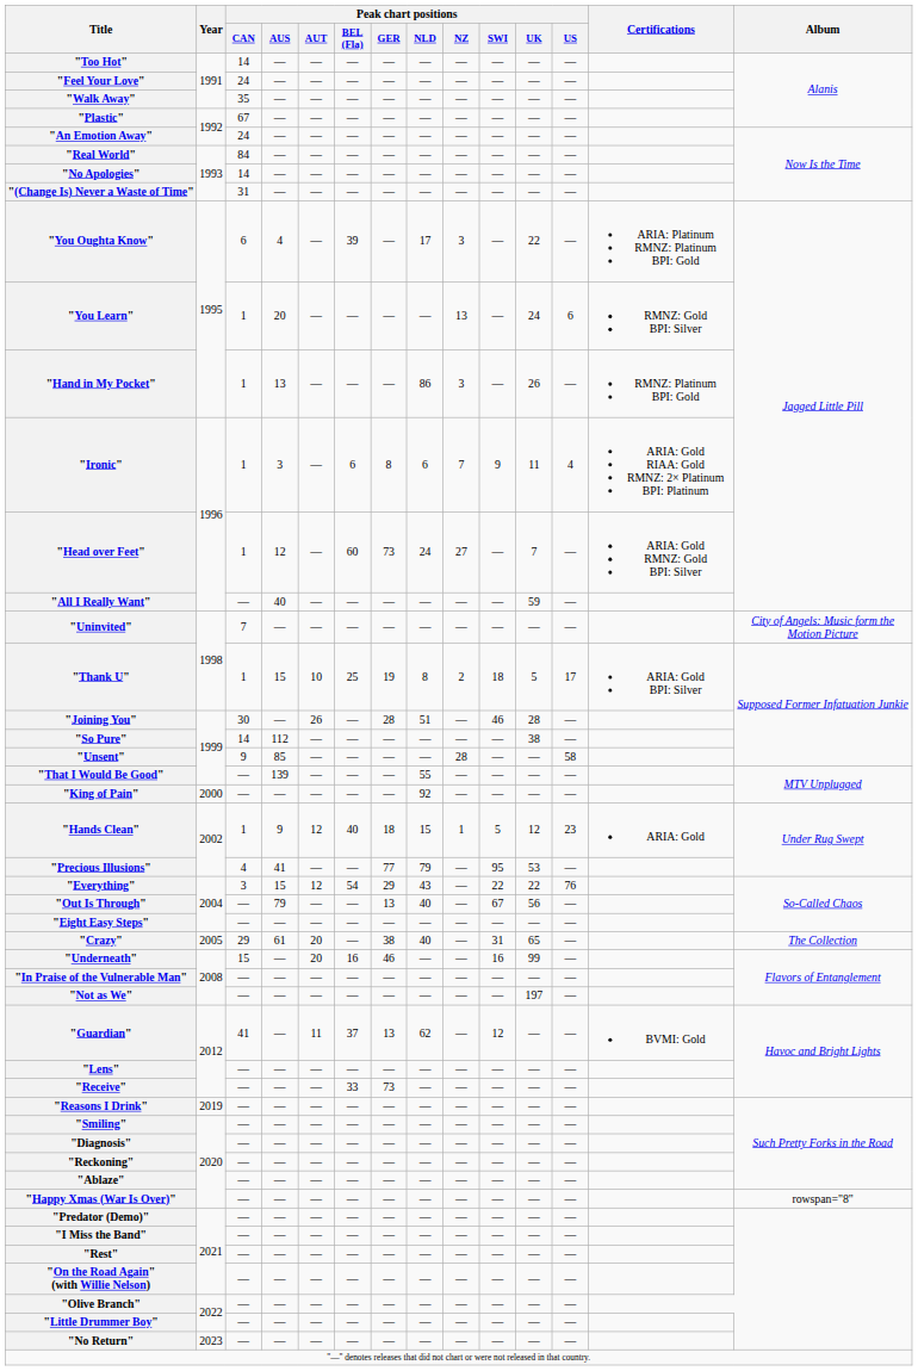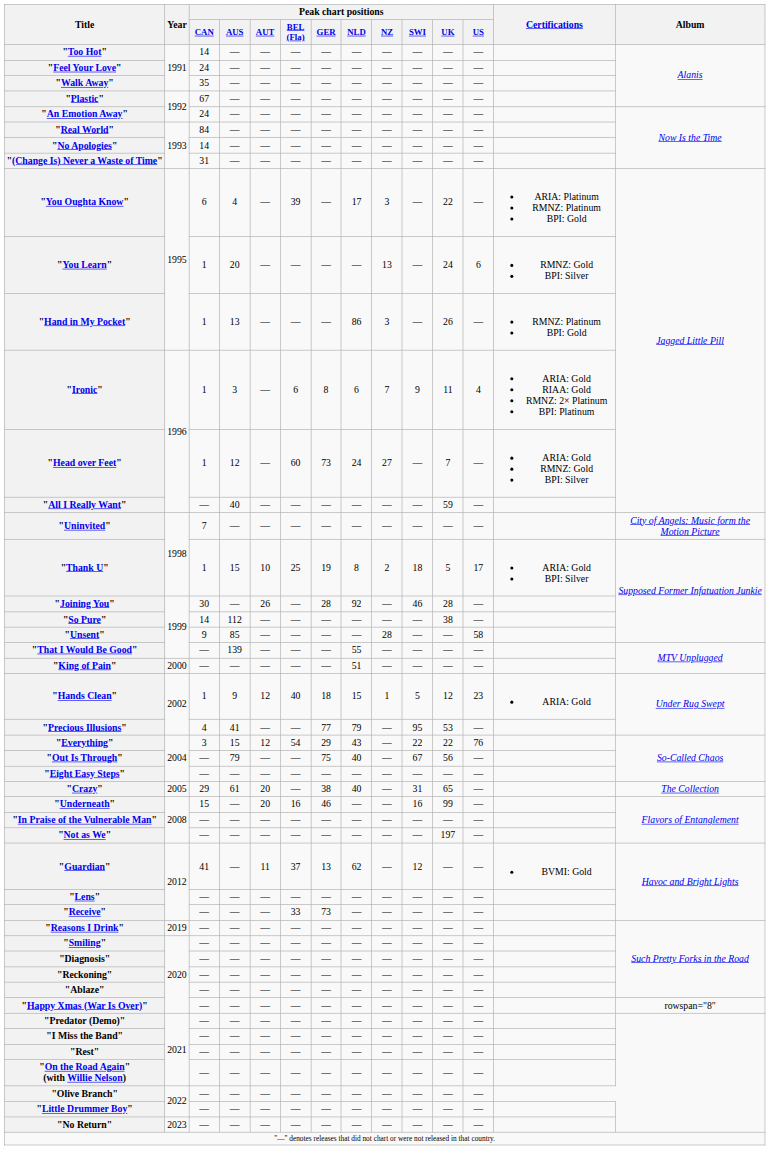 <table class="wikitable plainrowheaders" style="text-align:center; border:1">
 <tr>
 <th scope="col" rowspan="2" style="width:16em;">Title</th>
 <th scope="col" rowspan="2">Year</th>
 <th scope="col" colspan="10">Peak chart positions</th>
 <th scope="col" rowspan="2" style="width:12em;"><a href='#'>Certifications</a></th>
 <th scope="col" rowspan="2">Album</th>
 </tr>
 <tr>
 <th scope="col" style="width:3em;font-size:90%;"><a href='#'>CAN</a><br></th>
 <th scope="col" style="width:3em;font-size:90%;"><a href='#'>AUS</a><br></th>
 <th scope="col" style="width:3em;font-size:90%;"><a href='#'>AUT</a><br></th>
 <th scope="col" style="width:3em;font-size:90%;"><a href='#'>BEL (Fla)</a><br></th>
 <th scope="col" style="width:3em;font-size:90%;"><a href='#'>GER</a><br></th>
 <th scope="col" style="width:3em;font-size:90%;"><a href='#'>NLD</a><br></th>
 <th scope="col" style="width:3em;font-size:90%;"><a href='#'>NZ</a><br></th>
 <th scope="col" style="width:3em;font-size:90%;"><a href='#'>SWI</a><br></th>
 <th scope="col" style="width:3em;font-size:90%;"><a href='#'>UK</a><br></th>
 <th scope="col" style="width:3em;font-size:90%;"><a href='#'>US</a><br></th>
 </tr>
 <tr>
 <th scope="row">"<a href='#'>Too Hot</a>"</th>
 <td rowspan="3">1991</td>
 <td>14</td>
 <td>—</td>
 <td>—</td>
 <td>—</td>
 <td>—</td>
 <td>—</td>
 <td>—</td>
 <td>—</td>
 <td>—</td>
 <td>—</td>
 <td></td>
 <td rowspan="4"><em><a href='#'>Alanis</a></em></td>
 </tr>
 <tr>
 <th scope="row">"<a href='#'>Feel Your Love</a>"</th>
 <td>24</td>
 <td>—</td>
 <td>—</td>
 <td>—</td>
 <td>—</td>
 <td>—</td>
 <td>—</td>
 <td>—</td>
 <td>—</td>
 <td>—</td>
 <td></td>
 </tr>
 <tr>
 <th scope="row">"<a href='#'>Walk Away</a>"</th>
 <td>35</td>
 <td>—</td>
 <td>—</td>
 <td>—</td>
 <td>—</td>
 <td>—</td>
 <td>—</td>
 <td>—</td>
 <td>—</td>
 <td>—</td>
 <td></td>
 </tr>
 <tr>
 <th scope="row">"<a href='#'>Plastic</a>"</th>
 <td rowspan="2">1992</td>
 <td>67</td>
 <td>—</td>
 <td>—</td>
 <td>—</td>
 <td>—</td>
 <td>—</td>
 <td>—</td>
 <td>—</td>
 <td>—</td>
 <td>—</td>
 <td></td>
 </tr>
 <tr>
 <th scope="row">"<a href='#'>An Emotion Away</a>"</th>
 <td>24</td>
 <td>—</td>
 <td>—</td>
 <td>—</td>
 <td>—</td>
 <td>—</td>
 <td>—</td>
 <td>—</td>
 <td>—</td>
 <td>—</td>
 <td></td>
 <td rowspan="4"><em><a href='#'>Now Is the Time</a></em></td>
 </tr>
 <tr>
 <th scope="row">"<a href='#'>Real World</a>"</th>
 <td rowspan="3">1993</td>
 <td>84</td>
 <td>—</td>
 <td>—</td>
 <td>—</td>
 <td>—</td>
 <td>—</td>
 <td>—</td>
 <td>—</td>
 <td>—</td>
 <td>—</td>
 <td></td>
 </tr>
 <tr>
 <th scope="row">"<a href='#'>No Apologies</a>"</th>
 <td>14</td>
 <td>—</td>
 <td>—</td>
 <td>—</td>
 <td>—</td>
 <td>—</td>
 <td>—</td>
 <td>—</td>
 <td>—</td>
 <td>—</td>
 <td></td>
 </tr>
 <tr>
 <th scope="row">"<a href='#'>(Change Is) Never a Waste of Time</a>"</th>
 <td>31</td>
 <td>—</td>
 <td>—</td>
 <td>—</td>
 <td>—</td>
 <td>—</td>
 <td>—</td>
 <td>—</td>
 <td>—</td>
 <td>—</td>
 <td></td>
 </tr>
 <tr>
 <th scope="row">"<a href='#'>You Oughta Know</a>"</th>
 <td rowspan="3">1995</td>
 <td>6</td>
 <td>4</td>
 <td>—</td>
 <td>39</td>
 <td>—</td>
 <td>17</td>
 <td>3</td>
 <td>—</td>
 <td>22</td>
 <td>—</td>
 <td><br><ul><li>ARIA: Platinum</li><li>RMNZ: Platinum</li><li>BPI: Gold</li></ul></td>
 <td rowspan="6"><em><a href='#'>Jagged Little Pill</a></em></td>
 </tr>
 <tr>
 <th scope="row">"<a href='#'>You Learn</a>"</th>
 <td>1</td>
 <td>20</td>
 <td>—</td>
 <td>—</td>
 <td>—</td>
 <td>—</td>
 <td>13</td>
 <td>—</td>
 <td>24</td>
 <td>6</td>
 <td><br><ul><li>RMNZ: Gold</li><li>BPI: Silver</li></ul></td>
 </tr>
 <tr>
 <th scope="row">"<a href='#'>Hand in My Pocket</a>"</th>
 <td>1</td>
 <td>13</td>
 <td>—</td>
 <td>—</td>
 <td>—</td>
 <td>86</td>
 <td>3</td>
 <td>—</td>
 <td>26</td>
 <td>—</td>
 <td><br><ul><li>RMNZ: Platinum</li><li>BPI: Gold</li></ul></td>
 </tr>
 <tr>
 <th scope="row">"<a href='#'>Ironic</a>"</th>
 <td rowspan="3">1996</td>
 <td>1</td>
 <td>3</td>
 <td>—</td>
 <td>6</td>
 <td>8</td>
 <td>6</td>
 <td>7</td>
 <td>9</td>
 <td>11</td>
 <td>4</td>
 <td><br><ul><li>ARIA: Gold</li><li>RIAA: Gold</li><li>RMNZ: 2× Platinum</li><li>BPI: Platinum</li></ul></td>
 </tr>
 <tr>
 <th scope="row">"<a href='#'>Head over Feet</a>"</th>
 <td>1</td>
 <td>12</td>
 <td>—</td>
 <td>60</td>
 <td>73</td>
 <td>24</td>
 <td>27</td>
 <td>—</td>
 <td>7</td>
 <td>—</td>
 <td><br><ul><li>ARIA: Gold</li><li>RMNZ: Gold</li><li>BPI: Silver</li></ul></td>
 </tr>
 <tr>
 <th scope="row">"<a href='#'>All I Really Want</a>"</th>
 <td>—</td>
 <td>40</td>
 <td>—</td>
 <td>—</td>
 <td>—</td>
 <td>—</td>
 <td>—</td>
 <td>—</td>
 <td>59</td>
 <td>—</td>
 <td></td>
 </tr>
 <tr>
 <th scope="row">"<a href='#'>Uninvited</a>"</th>
 <td rowspan="2">1998</td>
 <td>7</td>
 <td>—</td>
 <td>—</td>
 <td>—</td>
 <td>—</td>
 <td>—</td>
 <td>—</td>
 <td>—</td>
 <td>—</td>
 <td>—</td>
 <td></td>
 <td><em><a href='#'>City of Angels: Music form the Motion Picture</a></em></td>
 </tr>
 <tr>
 <th scope="row">"<a href='#'>Thank U</a>"</th>
 <td>1</td>
 <td>15</td>
 <td>10</td>
 <td>25</td>
 <td>19</td>
 <td>8</td>
 <td>2</td>
 <td>18</td>
 <td>5</td>
 <td>17</td>
 <td><br><ul><li>ARIA: Gold</li><li>BPI: Silver</li></ul></td>
 <td rowspan="4"><em><a href='#'>Supposed Former Infatuation Junkie</a></em></td>
 </tr>
 <tr>
 <th scope="row">"<a href='#'>Joining You</a>"</th>
 <td rowspan="4">1999</td>
 <td>30</td>
 <td>—</td>
 <td>26</td>
 <td>—</td>
 <td>28</td>
-<td>51</td>
+<td>92</td>
 <td>—</td>
 <td>46</td>
 <td>28</td>
 <td>—</td>
 <td></td>
 </tr>
 <tr>
 <th scope="row">"<a href='#'>So Pure</a>"</th>
 <td>14</td>
 <td>112</td>
 <td>—</td>
 <td>—</td>
 <td>—</td>
 <td>—</td>
 <td>—</td>
 <td>—</td>
 <td>38</td>
 <td>—</td>
 <td></td>
 </tr>
 <tr>
 <th scope="row">"<a href='#'>Unsent</a>"</th>
 <td>9</td>
 <td>85</td>
 <td>—</td>
 <td>—</td>
 <td>—</td>
 <td>—</td>
 <td>28</td>
 <td>—</td>
 <td>—</td>
 <td>58</td>
 <td></td>
 </tr>
 <tr>
 <th scope="row">"<a href='#'>That I Would Be Good</a>"</th>
 <td>—</td>
 <td>139</td>
 <td>—</td>
 <td>—</td>
 <td>—</td>
 <td>55</td>
 <td>—</td>
 <td>—</td>
 <td>—</td>
 <td>—</td>
 <td></td>
 <td rowspan="2"><em><a href='#'>MTV Unplugged</a></em></td>
 </tr>
 <tr>
 <th scope="row">"<a href='#'>King of Pain</a>"</th>
 <td>2000</td>
 <td>—</td>
 <td>—</td>
 <td>—</td>
 <td>—</td>
 <td>—</td>
-<td>92</td>
+<td>51</td>
 <td>—</td>
 <td>—</td>
 <td>—</td>
 <td>—</td>
 <td></td>
 </tr>
 <tr>
 <th scope="row">"<a href='#'>Hands Clean</a>"</th>
 <td rowspan="2">2002</td>
 <td>1</td>
 <td>9</td>
 <td>12</td>
 <td>40</td>
 <td>18</td>
 <td>15</td>
 <td>1</td>
 <td>5</td>
 <td>12</td>
 <td>23</td>
 <td><br><ul><li>ARIA: Gold</li></ul></td>
 <td rowspan="2"><em><a href='#'>Under Rug Swept</a></em></td>
 </tr>
 <tr>
 <th scope="row">"<a href='#'>Precious Illusions</a>"</th>
 <td>4</td>
 <td>41</td>
 <td>—</td>
 <td>—</td>
 <td>77</td>
 <td>79</td>
 <td>—</td>
 <td>95</td>
 <td>53</td>
 <td>—</td>
 <td></td>
 </tr>
 <tr>
 <th scope="row">"<a href='#'>Everything</a>"</th>
 <td rowspan="3">2004</td>
 <td>3</td>
 <td>15</td>
 <td>12</td>
 <td>54</td>
 <td>29</td>
 <td>43</td>
 <td>—</td>
 <td>22</td>
 <td>22</td>
 <td>76</td>
 <td></td>
 <td rowspan="3"><em><a href='#'>So-Called Chaos</a></em></td>
 </tr>
 <tr>
 <th scope="row">"<a href='#'>Out Is Through</a>"</th>
 <td>—</td>
 <td>79</td>
 <td>—</td>
 <td>—</td>
-<td>13</td>
+<td>75</td>
 <td>40</td>
 <td>—</td>
 <td>67</td>
 <td>56</td>
 <td>—</td>
 <td></td>
 </tr>
 <tr>
 <th scope="row">"<a href='#'>Eight Easy Steps</a>"</th>
 <td>—</td>
 <td>—</td>
 <td>—</td>
 <td>—</td>
 <td>—</td>
 <td>—</td>
 <td>—</td>
 <td>—</td>
 <td>—</td>
 <td>—</td>
 <td></td>
 </tr>
 <tr>
 <th scope="row">"<a href='#'>Crazy</a>"</th>
 <td>2005</td>
 <td>29</td>
 <td>61</td>
 <td>20</td>
 <td>—</td>
 <td>38</td>
 <td>40</td>
 <td>—</td>
 <td>31</td>
 <td>65</td>
 <td>—</td>
 <td></td>
 <td><em><a href='#'>The Collection</a></em></td>
 </tr>
 <tr>
 <th scope="row">"<a href='#'>Underneath</a>"</th>
 <td rowspan="3">2008</td>
 <td>15</td>
 <td>—</td>
 <td>20</td>
 <td>16</td>
 <td>46</td>
 <td>—</td>
 <td>—</td>
 <td>16</td>
 <td>99</td>
 <td>—</td>
 <td></td>
 <td rowspan="3"><em><a href='#'>Flavors of Entanglement</a></em></td>
 </tr>
 <tr>
 <th scope="row">"<a href='#'>In Praise of the Vulnerable Man</a>"</th>
 <td>—</td>
 <td>—</td>
 <td>—</td>
 <td>—</td>
 <td>—</td>
 <td>—</td>
 <td>—</td>
 <td>—</td>
 <td>—</td>
 <td>—</td>
 <td></td>
 </tr>
 <tr>
 <th scope="row">"<a href='#'>Not as We</a>"</th>
 <td>—</td>
 <td>—</td>
 <td>—</td>
 <td>—</td>
 <td>—</td>
 <td>—</td>
 <td>—</td>
 <td>—</td>
 <td>197</td>
 <td>—</td>
 <td></td>
 </tr>
 <tr>
 <th scope="row">"<a href='#'>Guardian</a>"</th>
 <td rowspan="3">2012</td>
 <td>41</td>
 <td>—</td>
 <td>11</td>
 <td>37</td>
 <td>13</td>
 <td>62</td>
 <td>—</td>
 <td>12</td>
 <td>—</td>
 <td>—</td>
 <td><br><ul><li>BVMI: Gold</li></ul></td>
 <td rowspan="3"><em><a href='#'>Havoc and Bright Lights</a></em></td>
 </tr>
 <tr>
 <th scope="row">"<a href='#'>Lens</a>"</th>
 <td>—</td>
 <td>—</td>
 <td>—</td>
 <td>—</td>
 <td>—</td>
 <td>—</td>
 <td>—</td>
 <td>—</td>
 <td>—</td>
 <td>—</td>
 <td></td>
 </tr>
 <tr>
 <th scope="row">"<a href='#'>Receive</a>"</th>
 <td>—</td>
 <td>—</td>
 <td>—</td>
 <td>33</td>
 <td>73</td>
 <td>—</td>
 <td>—</td>
 <td>—</td>
 <td>—</td>
 <td>—</td>
 <td></td>
 </tr>
 <tr>
 <th scope="row">"<a href='#'>Reasons I Drink</a>"</th>
 <td>2019</td>
 <td>—</td>
 <td>—</td>
 <td>—</td>
 <td>—</td>
 <td>—</td>
 <td>—</td>
 <td>—</td>
 <td>—</td>
 <td>—</td>
 <td>—</td>
 <td></td>
 <td rowspan="5"><em><a href='#'>Such Pretty Forks in the Road</a></em></td>
 </tr>
 <tr>
 <th scope="row">"<a href='#'>Smiling</a>"</th>
 <td rowspan="5">2020</td>
 <td>—</td>
 <td>—</td>
 <td>—</td>
 <td>—</td>
 <td>—</td>
 <td>—</td>
 <td>—</td>
 <td>—</td>
 <td>—</td>
 <td>—</td>
 <td></td>
 </tr>
 <tr>
 <th scope="row">"Diagnosis"</th>
 <td>—</td>
 <td>—</td>
 <td>—</td>
 <td>—</td>
 <td>—</td>
 <td>—</td>
 <td>—</td>
 <td>—</td>
 <td>—</td>
 <td>—</td>
 <td></td>
 </tr>
 <tr>
 <th scope="row">"Reckoning"</th>
 <td>—</td>
 <td>—</td>
 <td>—</td>
 <td>—</td>
 <td>—</td>
 <td>—</td>
 <td>—</td>
 <td>—</td>
 <td>—</td>
 <td>—</td>
 <td></td>
 </tr>
 <tr>
 <th scope="row">"Ablaze"</th>
 <td>—</td>
 <td>—</td>
 <td>—</td>
 <td>—</td>
 <td>—</td>
 <td>—</td>
 <td>—</td>
 <td>—</td>
 <td>—</td>
 <td>—</td>
 <td></td>
 </tr>
 <tr>
 <th scope="row">"<a href='#'>Happy Xmas (War Is Over)</a>"</th>
 <td>—</td>
 <td>—</td>
 <td>—</td>
 <td>—</td>
 <td>—</td>
 <td>—</td>
 <td>—</td>
 <td>—</td>
 <td>—</td>
 <td>—</td>
 <td></td>
 <td>rowspan="8" </td>
 </tr>
 <tr>
 <th scope="row">"Predator (Demo)"</th>
 <td rowspan="4">2021</td>
 <td>—</td>
 <td>—</td>
 <td>—</td>
 <td>—</td>
 <td>—</td>
 <td>—</td>
 <td>—</td>
 <td>—</td>
 <td>—</td>
 <td>—</td>
 <td></td>
 </tr>
 <tr>
 <th scope="row">"I Miss the Band"</th>
 <td>—</td>
 <td>—</td>
 <td>—</td>
 <td>—</td>
 <td>—</td>
 <td>—</td>
 <td>—</td>
 <td>—</td>
 <td>—</td>
 <td>—</td>
 <td></td>
 </tr>
 <tr>
 <th scope="row">"Rest"</th>
 <td>—</td>
 <td>—</td>
 <td>—</td>
 <td>—</td>
 <td>—</td>
 <td>—</td>
 <td>—</td>
 <td>—</td>
 <td>—</td>
 <td>—</td>
 <td></td>
 </tr>
 <tr>
 <th scope="row">"<a href='#'>On the Road Again</a>"<br><span>(with <a href='#'>Willie Nelson</a>)</span></th>
 <td>—</td>
 <td>—</td>
 <td>—</td>
 <td>—</td>
 <td>—</td>
 <td>—</td>
 <td>—</td>
 <td>—</td>
 <td>—</td>
 <td>—</td>
 <td></td>
 </tr>
 <tr>
 <th scope="row">"Olive Branch"</th>
 <td rowspan="2">2022</td>
 <td>—</td>
 <td>—</td>
 <td>—</td>
 <td>—</td>
 <td>—</td>
 <td>—</td>
 <td>—</td>
 <td>—</td>
 <td>—</td>
 <td>—</td>
 </tr>
 <tr>
 <th scope="row">"<a href='#'>Little Drummer Boy</a>"</th>
 <td>—</td>
 <td>—</td>
 <td>—</td>
 <td>—</td>
 <td>—</td>
 <td>—</td>
 <td>—</td>
 <td>—</td>
 <td>—</td>
 <td>—</td>
 <td></td>
 </tr>
 <tr>
 <th scope="row">"No Return" </th>
 <td>2023</td>
 <td>—</td>
 <td>—</td>
 <td>—</td>
 <td>—</td>
 <td>—</td>
 <td>—</td>
 <td>—</td>
 <td>—</td>
 <td>—</td>
 <td>—</td>
 <td></td>
 </tr>
 <tr>
 <td colspan="14" style="font-size:9pt">"—" denotes releases that did not chart or were not released in that country.</td>
 </tr>
 </table>
